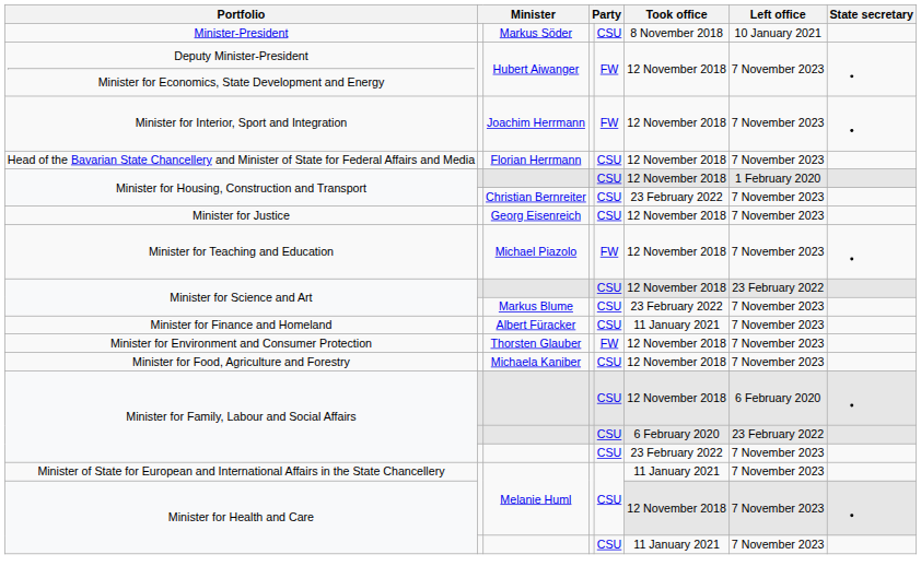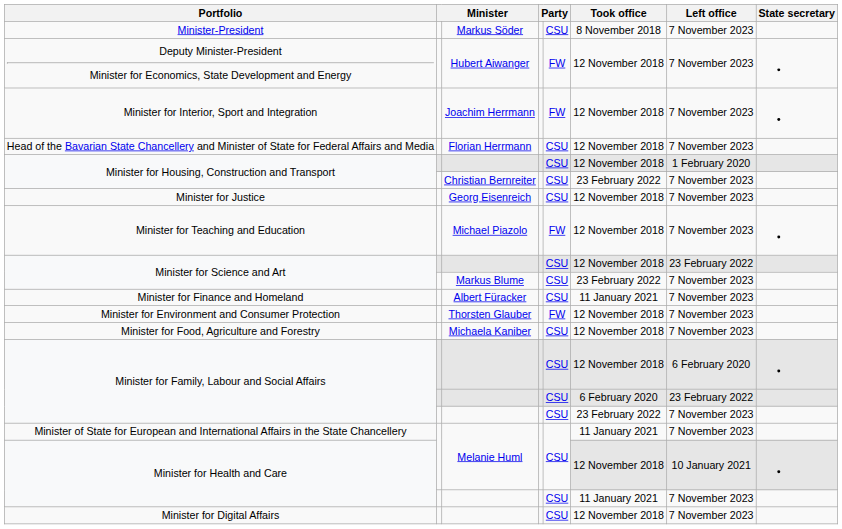 <table class=wikitable style="text-align: center; font-size: 90%">
 <tr>
 <th>Portfolio</th>
 <th colspan=2>Minister</th>
 <th colspan=2>Party</th>
 <th>Took office</th>
 <th>Left office</th>
 <th>State secretary</th>
 </tr>
 <tr>
 <td><a href='#'>Minister-President</a></td>
 <td></td>
 <td><a href='#'>Markus Söder</a><br></td>
 <td bgcolor=></td>
 <td><a href='#'>CSU</a></td>
 <td>8 November 2018</td>
-<td>10 January 2021</td>
+<td>7 November 2023</td>
 <td></td>
 </tr>
 <tr>
 <td>Deputy Minister-President<hr>Minister for Economics, State Development and Energy</td>
 <td></td>
 <td><a href='#'>Hubert Aiwanger</a><br></td>
 <td></td>
 <td><a href='#'>FW</a></td>
 <td>12 November 2018</td>
 <td>7 November 2023</td>
 <td><br><ul><li></li></ul></td>
 </tr>
 <tr>
 <td>Minister for Interior, Sport and Integration</td>
 <td></td>
 <td><a href='#'>Joachim Herrmann</a><br></td>
 <td bgcolor=></td>
 <td><a href='#'>FW</a></td>
 <td>12 November 2018</td>
 <td>7 November 2023</td>
 <td><br><ul><li></li></ul></td>
 </tr>
 <tr>
 <td>Head of the <a href='#'>Bavarian State Chancellery</a> and Minister of State for Federal Affairs and Media</td>
 <td></td>
 <td><a href='#'>Florian Herrmann</a><br></td>
 <td bgcolor=></td>
 <td><a href='#'>CSU</a></td>
 <td>12 November 2018</td>
 <td>7 November 2023</td>
 <td></td>
 </tr>
 <tr style="background-color:#E6E6E6">
 <td rowspan=2 style="background-color:#F8F9FA">Minister for Housing, Construction and Transport</td>
 <td></td>
 <td><br></td>
 <td bgcolor=></td>
 <td><a href='#'>CSU</a></td>
 <td>12 November 2018</td>
 <td>1 February 2020</td>
 <td></td>
 </tr>
 <tr>
 <td></td>
 <td><a href='#'>Christian Bernreiter</a><br></td>
 <td bgcolor=></td>
 <td><a href='#'>CSU</a></td>
 <td>23 February 2022</td>
 <td>7 November 2023</td>
 <td></td>
 </tr>
 <tr>
 <td>Minister for Justice</td>
 <td></td>
 <td><a href='#'>Georg Eisenreich</a><br></td>
 <td bgcolor=></td>
 <td><a href='#'>CSU</a></td>
 <td>12 November 2018</td>
 <td>7 November 2023</td>
 <td></td>
 </tr>
 <tr>
 <td>Minister for Teaching and Education</td>
 <td></td>
 <td><a href='#'>Michael Piazolo</a><br></td>
 <td></td>
 <td><a href='#'>FW</a></td>
 <td>12 November 2018</td>
 <td>7 November 2023</td>
 <td><br><ul><li></li></ul></td>
 </tr>
 <tr style="background-color:#E6E6E6">
 <td rowspan=2 style="background-color:#F8F9FA">Minister for Science and Art</td>
 <td></td>
 <td><br></td>
 <td bgcolor=></td>
 <td><a href='#'>CSU</a></td>
 <td>12 November 2018</td>
 <td>23 February 2022</td>
 <td></td>
 </tr>
 <tr>
 <td></td>
 <td><a href='#'>Markus Blume</a><br></td>
 <td bgcolor=></td>
 <td><a href='#'>CSU</a></td>
 <td>23 February 2022</td>
 <td>7 November 2023</td>
 <td></td>
 </tr>
 <tr>
 <td>Minister for Finance and Homeland</td>
 <td></td>
 <td><a href='#'>Albert Füracker</a><br></td>
 <td bgcolor=></td>
 <td><a href='#'>CSU</a></td>
 <td>11 January 2021</td>
 <td>7 November 2023</td>
 <td></td>
 </tr>
 <tr>
 <td>Minister for Environment and Consumer Protection</td>
 <td></td>
 <td><a href='#'>Thorsten Glauber</a><br></td>
 <td></td>
 <td><a href='#'>FW</a></td>
 <td>12 November 2018</td>
 <td>7 November 2023</td>
 <td></td>
 </tr>
 <tr>
 <td>Minister for Food, Agriculture and Forestry</td>
 <td></td>
 <td><a href='#'>Michaela Kaniber</a><br></td>
 <td bgcolor=></td>
 <td><a href='#'>CSU</a></td>
 <td>12 November 2018</td>
 <td>7 November 2023</td>
 <td></td>
 </tr>
 <tr style="background-color:#E6E6E6">
 <td rowspan=3 style="background-color:#F8F9FA">Minister for Family, Labour and Social Affairs</td>
 <td></td>
 <td><br></td>
 <td bgcolor=></td>
 <td><a href='#'>CSU</a></td>
 <td>12 November 2018</td>
 <td>6 February 2020</td>
 <td><br><ul><li></li></ul></td>
 </tr>
 <tr style="background-color:#E6E6E6">
 <td></td>
 <td><br></td>
 <td bgcolor=></td>
 <td><a href='#'>CSU</a></td>
 <td>6 February 2020</td>
 <td>23 February 2022</td>
 <td></td>
 </tr>
 <tr>
 <td></td>
 <td><br></td>
 <td bgcolor=></td>
 <td><a href='#'>CSU</a></td>
 <td>23 February 2022</td>
 <td>7 November 2023</td>
 <td></td>
 </tr>
 <tr>
 <td>Minister of State for European and International Affairs in the State Chancellery</td>
 <td rowspan=2></td>
 <td rowspan=2><a href='#'>Melanie Huml</a><br></td>
 <td rowspan=2 bgcolor=></td>
 <td rowspan=2><a href='#'>CSU</a></td>
 <td>11 January 2021</td>
 <td>7 November 2023</td>
 <td></td>
 </tr>
 <tr style="background-color:#E6E6E6">
 <td rowspan=2 style="background-color:#F8F9FA">Minister for Health and Care</td>
 <td>12 November 2018</td>
-<td>7 November 2023</td>
+<td>10 January 2021</td>
 <td><br><ul><li></li></ul></td>
 </tr>
 <tr>
 <td></td>
 <td><br></td>
 <td bgcolor=></td>
 <td><a href='#'>CSU</a></td>
 <td>11 January 2021</td>
 <td>7 November 2023</td>
 <td></td>
 </tr>
+<tr>
+<td>Minister for Digital Affairs</td>
+<td></td>
+<td><br></td>
+<td bgcolor=></td>
+<td><a href='#'>CSU</a></td>
+<td>12 November 2018</td>
+<td>7 November 2023</td>
+<td></td>
+</tr>
 </table>
